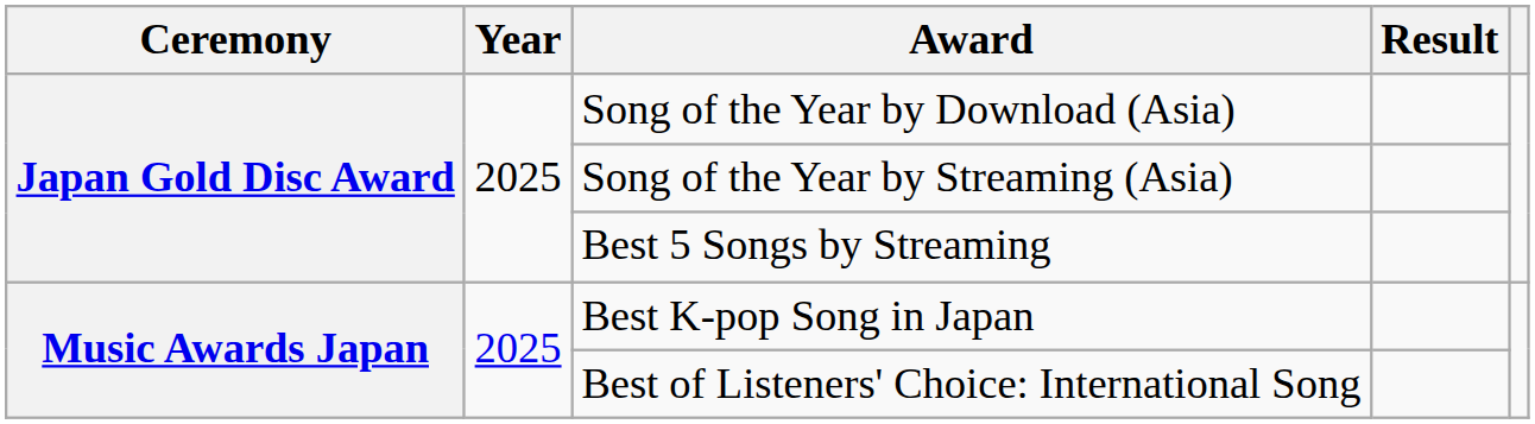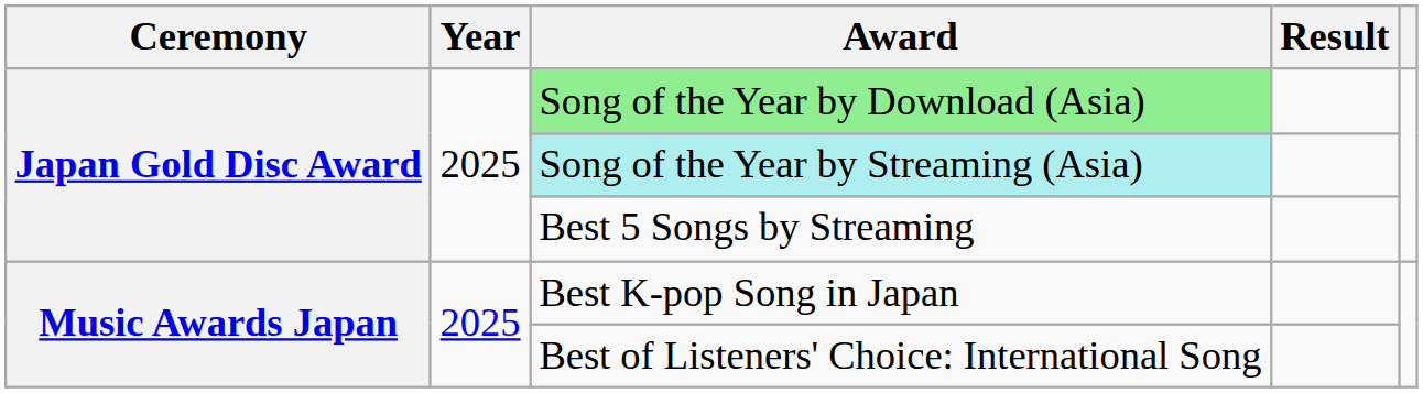 <table class="wikitable plainrowheaders">
 <tr>
 <th scope="col">Ceremony</th>
 <th scope="col">Year</th>
 <th scope="col">Award</th>
 <th scope="col">Result</th>
 <th scope="col" class="unsortable"></th>
 </tr>
 <tr>
 <th scope="row" rowspan="3"><a href='#'>Japan Gold Disc Award</a></th>
 <td style="text-align:center" rowspan="3">2025</td>
-<td>Song of the Year by Download (Asia)</td>
+<td style="background: lightgreen;">Song of the Year by Download (Asia)</td>
 <td></td>
 <td style="text-align:center" rowspan="3"></td>
 </tr>
 <tr>
-<td>Song of the Year by Streaming (Asia)</td>
+<td style="background: paleturquoise;">Song of the Year by Streaming (Asia)</td>
 <td></td>
 </tr>
 <tr>
 <td>Best 5 Songs by Streaming</td>
 <td></td>
 </tr>
 <tr>
 <th scope="row" rowspan="2"><a href='#'>Music Awards Japan</a></th>
 <td style="text-align:center" rowspan="2"><a href='#'>2025</a></td>
 <td>Best K-pop Song in Japan</td>
 <td></td>
 <td style="text-align:center" rowspan="2"></td>
 </tr>
 <tr>
 <td style="text-align:left">Best of Listeners' Choice: International Song</td>
 <td></td>
 </tr>
 </table>
